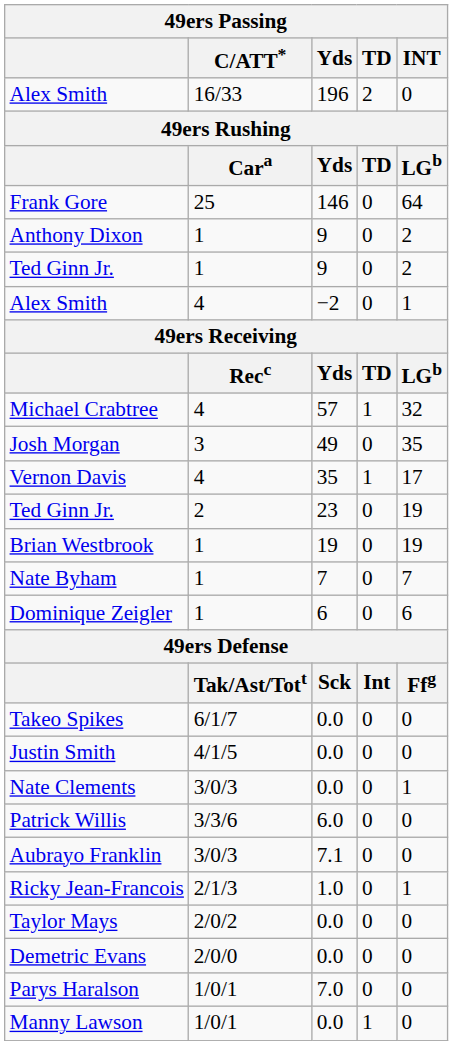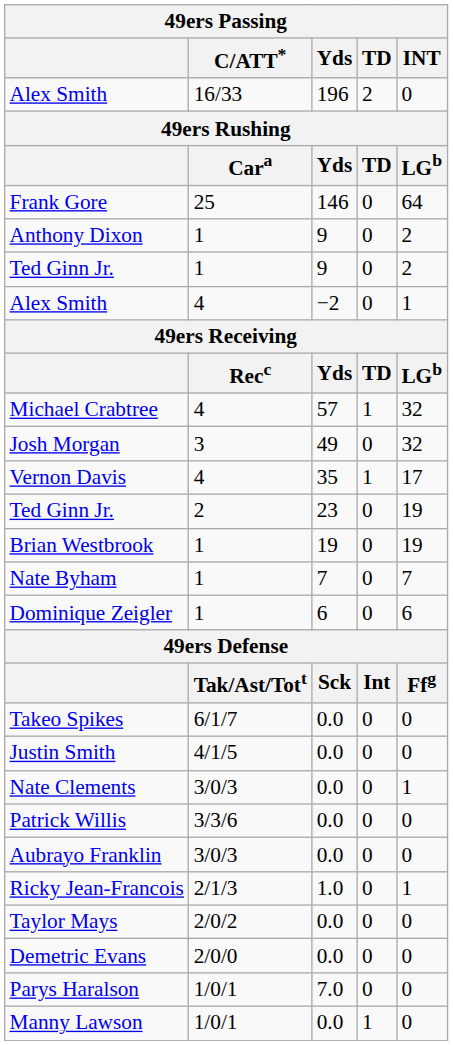 <table class="wikitable">
 <tr>
 <th colspan="5">49ers Passing</th>
 </tr>
 <tr>
 <th></th>
 <th>C/ATT<sup>*</sup></th>
 <th>Yds</th>
 <th>TD</th>
 <th>INT</th>
 </tr>
 <tr>
 <td><a href='#'>Alex Smith</a></td>
 <td>16/33</td>
 <td>196</td>
 <td>2</td>
 <td>0</td>
 </tr>
 <tr>
 <th colspan="5">49ers Rushing</th>
 </tr>
 <tr>
 <th></th>
 <th>Car<sup>a</sup></th>
 <th>Yds</th>
 <th>TD</th>
 <th>LG<sup>b</sup></th>
 </tr>
 <tr>
 <td><a href='#'>Frank Gore</a></td>
 <td>25</td>
 <td>146</td>
 <td>0</td>
 <td>64</td>
 </tr>
 <tr>
 <td><a href='#'>Anthony Dixon</a></td>
 <td>1</td>
 <td>9</td>
 <td>0</td>
 <td>2</td>
 </tr>
 <tr>
 <td><a href='#'>Ted Ginn Jr.</a></td>
 <td>1</td>
 <td>9</td>
 <td>0</td>
 <td>2</td>
 </tr>
 <tr>
 <td><a href='#'>Alex Smith</a></td>
 <td>4</td>
 <td>−2</td>
 <td>0</td>
 <td>1</td>
 </tr>
 <tr>
 <th colspan="5">49ers Receiving</th>
 </tr>
 <tr>
 <th></th>
 <th>Rec<sup>c</sup></th>
 <th>Yds</th>
 <th>TD</th>
 <th>LG<sup>b</sup></th>
 </tr>
 <tr>
 <td><a href='#'>Michael Crabtree</a></td>
 <td>4</td>
 <td>57</td>
 <td>1</td>
 <td>32</td>
 </tr>
 <tr>
 <td><a href='#'>Josh Morgan</a></td>
 <td>3</td>
 <td>49</td>
 <td>0</td>
-<td>35</td>
+<td>32</td>
 </tr>
 <tr>
 <td><a href='#'>Vernon Davis</a></td>
 <td>4</td>
 <td>35</td>
 <td>1</td>
 <td>17</td>
 </tr>
 <tr>
 <td><a href='#'>Ted Ginn Jr.</a></td>
 <td>2</td>
 <td>23</td>
 <td>0</td>
 <td>19</td>
 </tr>
 <tr>
 <td><a href='#'>Brian Westbrook</a></td>
 <td>1</td>
 <td>19</td>
 <td>0</td>
 <td>19</td>
 </tr>
 <tr>
 <td><a href='#'>Nate Byham</a></td>
 <td>1</td>
 <td>7</td>
 <td>0</td>
 <td>7</td>
 </tr>
 <tr>
 <td><a href='#'>Dominique Zeigler</a></td>
 <td>1</td>
 <td>6</td>
 <td>0</td>
 <td>6</td>
 </tr>
 <tr>
 <th colspan="5">49ers Defense</th>
 </tr>
 <tr>
 <th></th>
 <th>Tak/Ast/Tot<sup>t</sup></th>
 <th>Sck</th>
 <th>Int</th>
 <th>Ff<sup>g</sup></th>
 </tr>
 <tr>
 <td><a href='#'>Takeo Spikes</a></td>
 <td>6/1/7</td>
 <td>0.0</td>
 <td>0</td>
 <td>0</td>
 </tr>
 <tr>
 <td><a href='#'>Justin Smith</a></td>
 <td>4/1/5</td>
 <td>0.0</td>
 <td>0</td>
 <td>0</td>
 </tr>
 <tr>
 <td><a href='#'>Nate Clements</a></td>
 <td>3/0/3</td>
 <td>0.0</td>
 <td>0</td>
 <td>1</td>
 </tr>
 <tr>
 <td><a href='#'>Patrick Willis</a></td>
 <td>3/3/6</td>
-<td>6.0</td>
+<td>0.0</td>
 <td>0</td>
 <td>0</td>
 </tr>
 <tr>
 <td><a href='#'>Aubrayo Franklin</a></td>
 <td>3/0/3</td>
-<td>7.1</td>
+<td>0.0</td>
 <td>0</td>
 <td>0</td>
 </tr>
 <tr>
 <td><a href='#'>Ricky Jean-Francois</a></td>
 <td>2/1/3</td>
 <td>1.0</td>
 <td>0</td>
 <td>1</td>
 </tr>
 <tr>
 <td><a href='#'>Taylor Mays</a></td>
 <td>2/0/2</td>
 <td>0.0</td>
 <td>0</td>
 <td>0</td>
 </tr>
 <tr>
 <td><a href='#'>Demetric Evans</a></td>
 <td>2/0/0</td>
 <td>0.0</td>
 <td>0</td>
 <td>0</td>
 </tr>
 <tr>
 <td><a href='#'>Parys Haralson</a></td>
 <td>1/0/1</td>
 <td>7.0</td>
 <td>0</td>
 <td>0</td>
 </tr>
 <tr>
 <td><a href='#'>Manny Lawson</a></td>
 <td>1/0/1</td>
 <td>0.0</td>
 <td>1</td>
 <td>0</td>
 </tr>
 </table>
